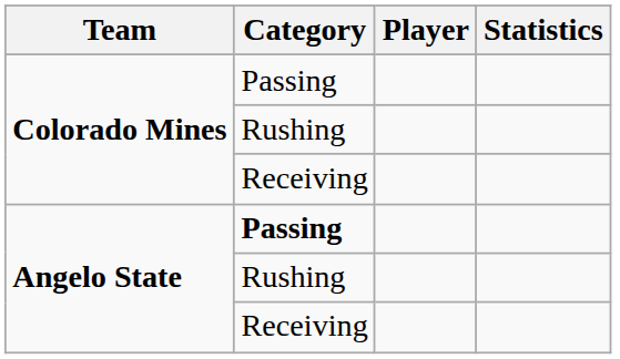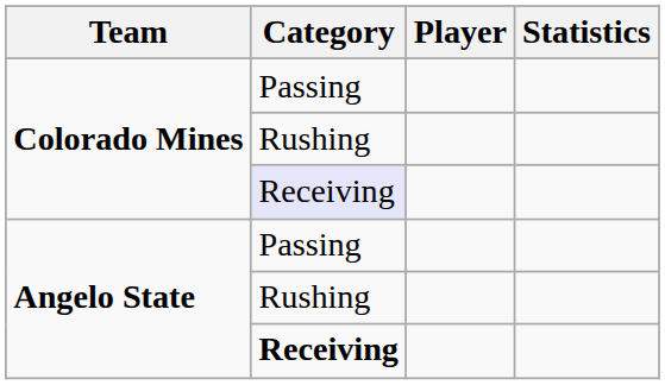 <table class="wikitable" style="float: left;">
 <tr>
 <th>Team</th>
 <th>Category</th>
 <th>Player</th>
 <th>Statistics</th>
 </tr>
 <tr>
 <td rowspan=3><strong>Colorado Mines</strong></td>
 <td>Passing</td>
 <td></td>
 <td></td>
 </tr>
 <tr>
 <td>Rushing</td>
 <td></td>
 <td></td>
 </tr>
 <tr>
-<td>Receiving</td>
+<td style="background: lavender;">Receiving</td>
 <td></td>
 <td></td>
 </tr>
 <tr>
 <td rowspan=3><strong>Angelo State</strong></td>
-<td><strong>Passing</strong></td>
+<td>Passing</td>
 <td></td>
 <td></td>
 </tr>
 <tr>
 <td>Rushing</td>
 <td></td>
 <td></td>
 </tr>
 <tr>
-<td>Receiving</td>
+<td><strong>Receiving</strong></td>
 <td></td>
 <td></td>
 </tr>
 </table>
